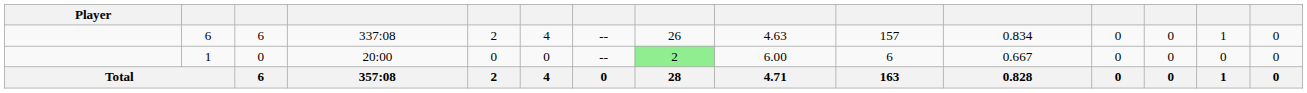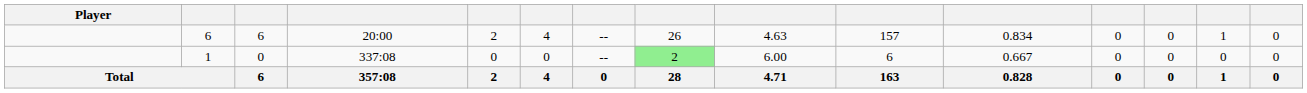 <table class="wikitable sortable" style="width:100%; text-align:center;">
 <tr>
 <th>Player</th>
 <th></th>
 <th></th>
 <th></th>
 <th></th>
 <th></th>
 <th></th>
 <th></th>
 <th></th>
 <th></th>
 <th></th>
 <th></th>
 <th></th>
 <th></th>
 <th></th>
 </tr>
 <tr>
 <td></td>
 <td>6</td>
 <td>6</td>
-<td>337:08</td>
+<td>20:00</td>
 <td>2</td>
 <td>4</td>
 <td>--</td>
 <td>26</td>
 <td>4.63</td>
 <td>157</td>
 <td>0.834</td>
 <td>0</td>
 <td>0</td>
 <td>1</td>
 <td>0</td>
 </tr>
 <tr>
 <td></td>
 <td>1</td>
 <td>0</td>
-<td>20:00</td>
+<td>337:08</td>
 <td>0</td>
 <td>0</td>
 <td>--</td>
 <td style="background: lightgreen;">2</td>
 <td>6.00</td>
 <td>6</td>
 <td>0.667</td>
 <td>0</td>
 <td>0</td>
 <td>0</td>
 <td>0</td>
 </tr>
 <tr class="sortbottom">
 <th colspan=2>Total</th>
 <th>6</th>
 <th>357:08</th>
 <th>2</th>
 <th>4</th>
 <th>0</th>
 <th>28</th>
 <th>4.71</th>
 <th>163</th>
 <th>0.828</th>
 <th>0</th>
 <th>0</th>
 <th>1</th>
 <th>0</th>
 </tr>
 </table>
